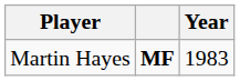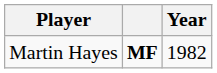 <table class="wikitable">
 <tr>
 <th width=px>Player</th>
 <th width=px></th>
 <th width=px>Year</th>
 </tr>
 <tr>
 <td>Martin Hayes</td>
 <td><strong>MF</strong></td>
-<td>1983</td>
+<td>1982</td>
 </tr>
 </table>
